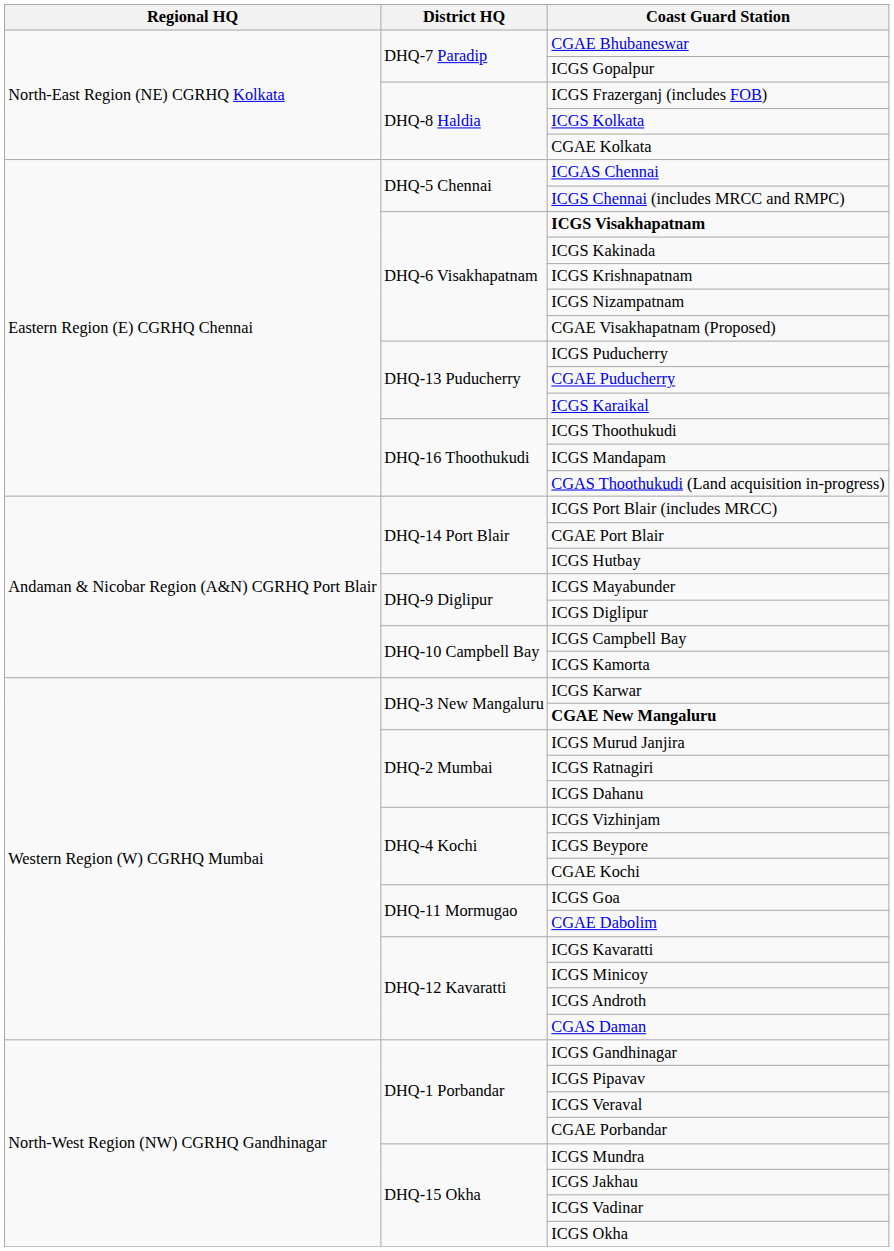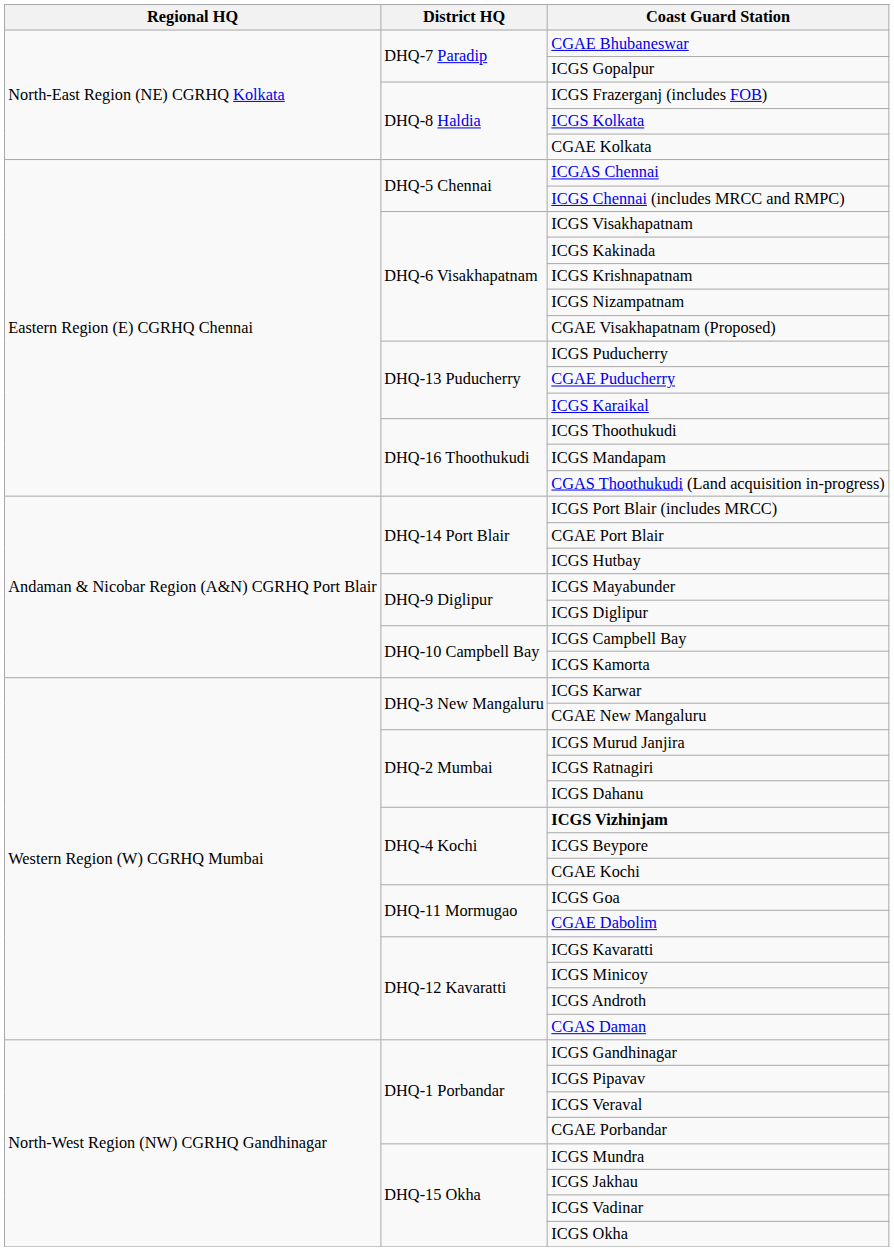 <table class="wikitable">
 <tr>
 <th>Regional HQ</th>
 <th>District HQ</th>
 <th>Coast Guard Station</th>
 </tr>
 <tr>
 <td rowspan="5">North-East Region (NE) CGRHQ <a href='#'>Kolkata</a></td>
 <td rowspan="2">DHQ-7 <a href='#'>Paradip</a></td>
 <td><a href='#'>CGAE Bhubaneswar</a></td>
 </tr>
 <tr>
 <td>ICGS Gopalpur</td>
 </tr>
 <tr>
 <td rowspan="3">DHQ-8 <a href='#'>Haldia</a></td>
 <td>ICGS Frazerganj (includes <a href='#'>FOB</a>)</td>
 </tr>
 <tr>
 <td><a href='#'>ICGS Kolkata</a></td>
 </tr>
 <tr>
 <td>CGAE Kolkata</td>
 </tr>
 <tr>
 <td rowspan="13">Eastern Region (E) CGRHQ Chennai</td>
 <td rowspan="2">DHQ-5 Chennai</td>
 <td><a href='#'>ICGAS Chennai</a></td>
 </tr>
 <tr>
 <td><a href='#'>ICGS Chennai</a> (includes MRCC and RMPC)</td>
 </tr>
 <tr>
 <td rowspan="5">DHQ-6 Visakhapatnam</td>
-<td><strong>ICGS Visakhapatnam</strong></td>
+<td>ICGS Visakhapatnam</td>
 </tr>
 <tr>
 <td>ICGS Kakinada</td>
 </tr>
 <tr>
 <td>ICGS Krishnapatnam</td>
 </tr>
 <tr>
 <td>ICGS Nizampatnam</td>
 </tr>
 <tr>
 <td>CGAE Visakhapatnam (Proposed)</td>
 </tr>
 <tr>
 <td rowspan="3">DHQ-13 Puducherry</td>
 <td>ICGS Puducherry</td>
 </tr>
 <tr>
 <td><a href='#'>CGAE Puducherry</a></td>
 </tr>
 <tr>
 <td><a href='#'>ICGS Karaikal</a></td>
 </tr>
 <tr>
 <td rowspan="3">DHQ-16 Thoothukudi</td>
 <td>ICGS Thoothukudi</td>
 </tr>
 <tr>
 <td>ICGS Mandapam</td>
 </tr>
 <tr>
 <td><a href='#'>CGAS Thoothukudi</a> (Land acquisition in-progress)</td>
 </tr>
 <tr>
 <td rowspan="7">Andaman & Nicobar Region (A&N) CGRHQ Port Blair</td>
 <td rowspan="3">DHQ-14 Port Blair</td>
 <td>ICGS Port Blair (includes MRCC)</td>
 </tr>
 <tr>
 <td>CGAE Port Blair</td>
 </tr>
 <tr>
 <td>ICGS Hutbay</td>
 </tr>
 <tr>
 <td rowspan="2">DHQ-9 Diglipur</td>
 <td>ICGS Mayabunder</td>
 </tr>
 <tr>
 <td>ICGS Diglipur</td>
 </tr>
 <tr>
 <td rowspan="2">DHQ-10 Campbell Bay</td>
 <td>ICGS Campbell Bay</td>
 </tr>
 <tr>
 <td>ICGS Kamorta</td>
 </tr>
 <tr>
 <td rowspan="14">Western Region (W) CGRHQ Mumbai</td>
 <td rowspan="2">DHQ-3 New Mangaluru</td>
 <td>ICGS Karwar</td>
 </tr>
 <tr>
-<td><strong>CGAE New Mangaluru</strong></td>
+<td>CGAE New Mangaluru</td>
 </tr>
 <tr>
 <td rowspan="3">DHQ-2 Mumbai</td>
 <td>ICGS Murud Janjira</td>
 </tr>
 <tr>
 <td>ICGS Ratnagiri</td>
 </tr>
 <tr>
 <td>ICGS Dahanu</td>
 </tr>
 <tr>
 <td rowspan="3">DHQ-4 Kochi</td>
-<td>ICGS Vizhinjam</td>
+<td><strong>ICGS Vizhinjam</strong></td>
 </tr>
 <tr>
 <td>ICGS Beypore</td>
 </tr>
 <tr>
 <td>CGAE Kochi</td>
 </tr>
 <tr>
 <td rowspan="2">DHQ-11 Mormugao</td>
 <td>ICGS Goa</td>
 </tr>
 <tr>
 <td><a href='#'>CGAE Dabolim</a></td>
 </tr>
 <tr>
 <td rowspan="4">DHQ-12 Kavaratti</td>
 <td>ICGS Kavaratti</td>
 </tr>
 <tr>
 <td>ICGS Minicoy</td>
 </tr>
 <tr>
 <td>ICGS Androth</td>
 </tr>
 <tr>
 <td><a href='#'>CGAS Daman</a></td>
 </tr>
 <tr>
 <td rowspan="8">North-West Region (NW) CGRHQ Gandhinagar</td>
 <td rowspan="4">DHQ-1 Porbandar</td>
 <td>ICGS Gandhinagar</td>
 </tr>
 <tr>
 <td>ICGS Pipavav</td>
 </tr>
 <tr>
 <td>ICGS Veraval</td>
 </tr>
 <tr>
 <td>CGAE Porbandar</td>
 </tr>
 <tr>
 <td rowspan="4">DHQ-15 Okha</td>
 <td>ICGS Mundra</td>
 </tr>
 <tr>
 <td>ICGS Jakhau</td>
 </tr>
 <tr>
 <td>ICGS Vadinar</td>
 </tr>
 <tr>
 <td>ICGS Okha</td>
 </tr>
 </table>
